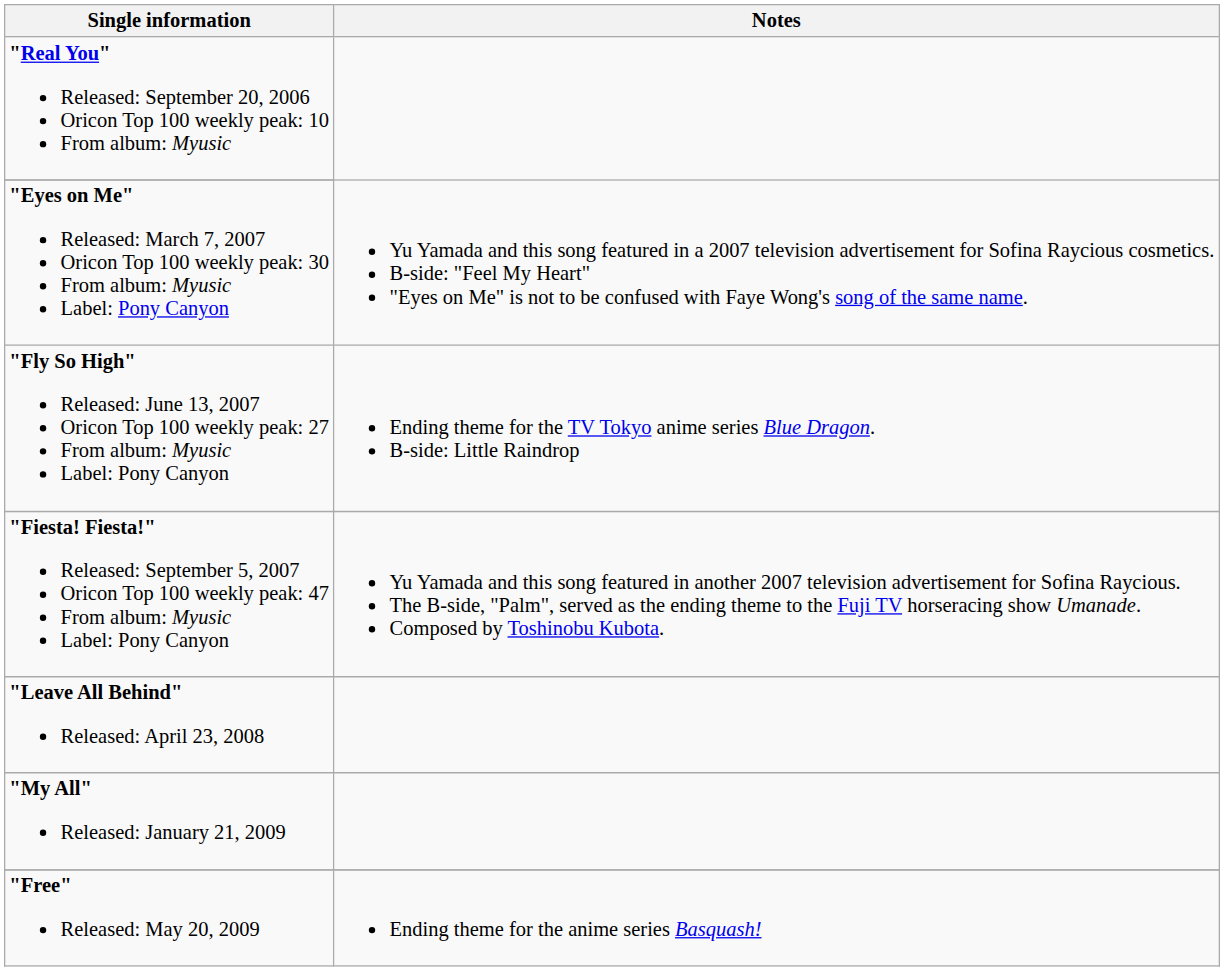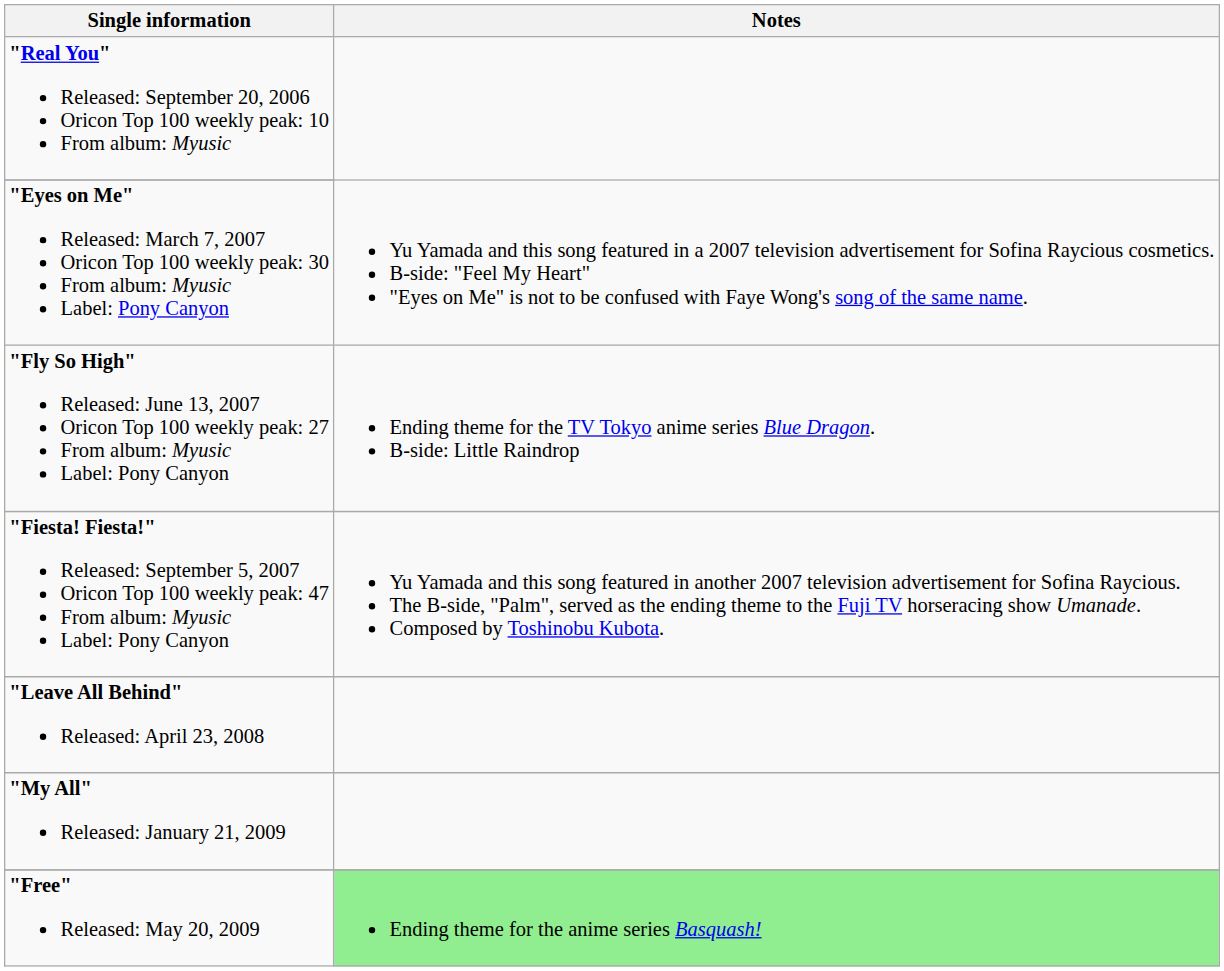 <table class="wikitable">
 <tr>
 <th>Single information</th>
 <th>Notes</th>
 </tr>
 <tr>
 <td><strong>"<a href='#'>Real You</a>"</strong><br><ul><li>Released: September 20, 2006</li><li>Oricon Top 100 weekly peak: 10</li><li>From album: <em>Myusic</em></li></ul></td>
 </tr>
 <tr>
 </tr>
 <tr>
 <td><strong>"Eyes on Me"</strong><br><ul><li>Released: March 7, 2007</li><li>Oricon Top 100 weekly peak: 30</li><li>From album: <em>Myusic</em></li><li>Label: <a href='#'>Pony Canyon</a></li></ul></td>
 <td><br><ul><li>Yu Yamada and this song featured in a 2007 television advertisement for Sofina Raycious cosmetics.</li><li>B-side: "Feel My Heart"</li><li>"Eyes on Me" is not to be confused with Faye Wong's <a href='#'>song of the same name</a>.</li></ul></td>
 </tr>
 <tr>
 <td><strong>"Fly So High"</strong><br><ul><li>Released: June 13, 2007</li><li>Oricon Top 100 weekly peak: 27</li><li>From album: <em>Myusic</em></li><li>Label: Pony Canyon</li></ul></td>
 <td align="left"><br><ul><li>Ending theme for the <a href='#'>TV Tokyo</a> anime series <em><a href='#'>Blue Dragon</a></em>.</li><li>B-side: Little Raindrop</li></ul></td>
 </tr>
 <tr>
 </tr>
 <tr>
 <td><strong>"Fiesta! Fiesta!"</strong><br><ul><li>Released: September 5, 2007</li><li>Oricon Top 100 weekly peak: 47</li><li>From album: <em>Myusic</em></li><li>Label: Pony Canyon</li></ul></td>
 <td><br><ul><li>Yu Yamada and this song featured in another 2007 television advertisement for Sofina Raycious.</li><li>The B-side, "Palm", served as the ending theme to the <a href='#'>Fuji TV</a> horseracing show <em>Umanade</em>.</li><li>Composed by <a href='#'>Toshinobu Kubota</a>.</li></ul></td>
 </tr>
 <tr>
 </tr>
 <tr>
 <td><strong>"Leave All Behind"</strong><br><ul><li>Released: April 23, 2008</li></ul></td>
 <td></td>
 </tr>
 <tr>
 </tr>
 <tr>
 <td><strong>"My All"</strong><br><ul><li>Released: January 21, 2009</li></ul></td>
 <td></td>
 </tr>
 <tr>
 </tr>
 <tr>
 <td><strong>"Free"</strong><br><ul><li>Released: May 20, 2009</li></ul></td>
-<td><br><ul><li>Ending theme for the anime series <em><a href='#'>Basquash!</a></em></li></ul></td>
+<td style="background: lightgreen;"><br><ul><li>Ending theme for the anime series <em><a href='#'>Basquash!</a></em></li></ul></td>
 </tr>
 </table>
